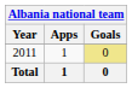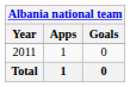 <table class="wikitable" style="text-align:center">
 <tr>
 <th colspan=3><a href='#'>Albania national team</a></th>
 </tr>
 <tr>
 <th>Year</th>
 <th>Apps</th>
 <th>Goals</th>
 </tr>
 <tr>
 </tr>
 <tr>
 <td>2011</td>
 <td>1</td>
-<td style="background: khaki;">0</td>
+<td>0</td>
 </tr>
 <tr>
 <th>Total</th>
 <th>1</th>
 <th>0</th>
 </tr>
 </table>
